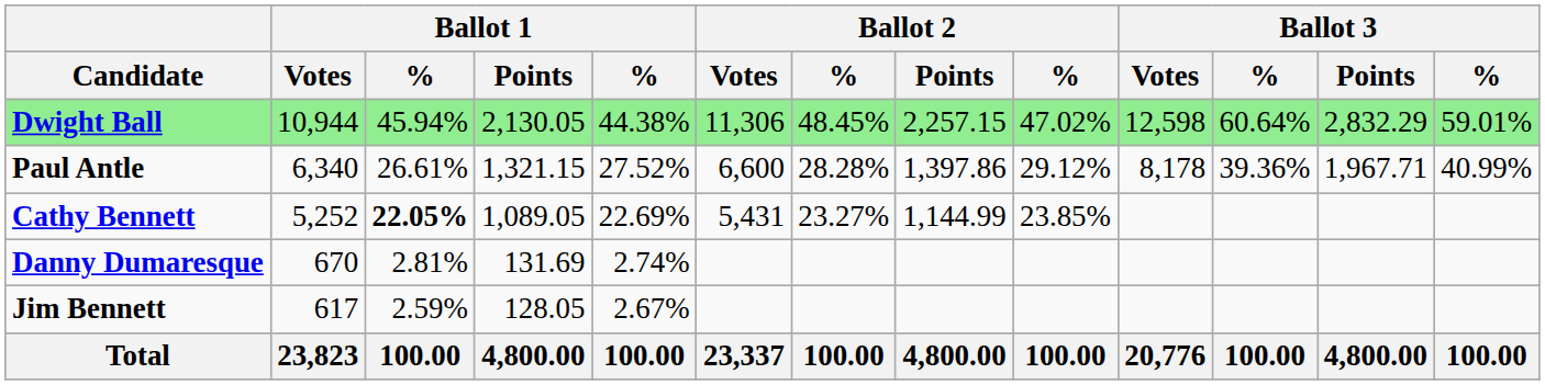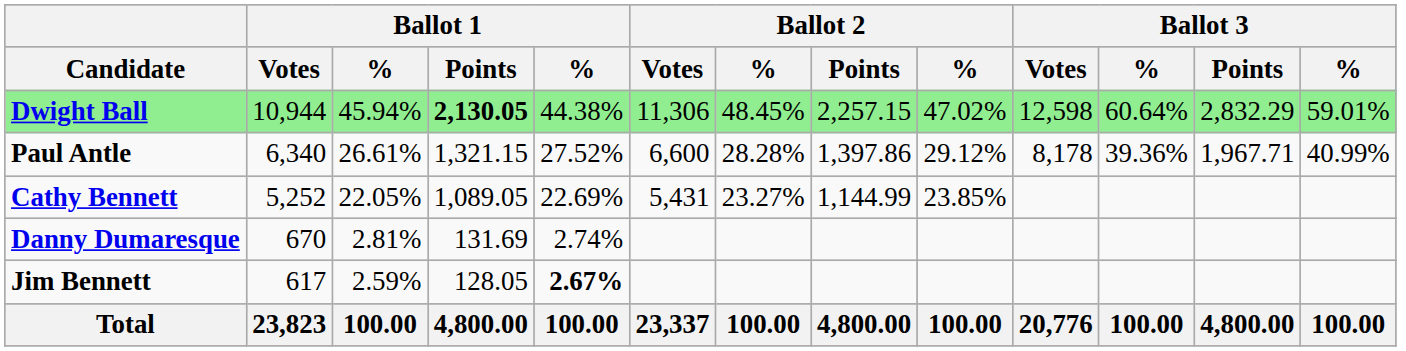 <table class="wikitable">
 <tr>
 <th></th>
 <th colspan = "4">Ballot 1</th>
 <th colspan = "4">Ballot 2</th>
 <th colspan = "4">Ballot 3</th>
 </tr>
 <tr>
 <th>Candidate</th>
 <th>Votes</th>
 <th>%</th>
 <th>Points</th>
 <th>%</th>
 <th>Votes</th>
 <th>%</th>
 <th>Points</th>
 <th>%</th>
 <th>Votes</th>
 <th>%</th>
 <th>Points</th>
 <th>%</th>
 </tr>
 <tr style="text-align:right;background:lightgreen;">
 <td align=left><strong><a href='#'>Dwight Ball</a></strong></td>
 <td>10,944</td>
 <td>45.94%</td>
-<td>2,130.05</td>
+<td><strong>2,130.05</strong></td>
 <td>44.38%</td>
 <td>11,306</td>
 <td>48.45%</td>
 <td>2,257.15</td>
 <td>47.02%</td>
 <td>12,598</td>
 <td>60.64%</td>
 <td>2,832.29</td>
 <td>59.01%</td>
 </tr>
 <tr style="text-align:right;">
 <td align=left><strong>Paul Antle</strong></td>
 <td>6,340</td>
 <td>26.61%</td>
 <td>1,321.15</td>
 <td>27.52%</td>
 <td>6,600</td>
 <td>28.28%</td>
 <td>1,397.86</td>
 <td>29.12%</td>
 <td>8,178</td>
 <td>39.36%</td>
 <td>1,967.71</td>
 <td>40.99%</td>
 </tr>
 <tr style="text-align:right;">
 <td align=left><strong><a href='#'>Cathy Bennett</a></strong></td>
 <td>5,252</td>
-<td><strong>22.05%</strong></td>
+<td>22.05%</td>
 <td>1,089.05</td>
 <td>22.69%</td>
 <td>5,431</td>
 <td>23.27%</td>
 <td>1,144.99</td>
 <td>23.85%</td>
 <td></td>
 <td></td>
 <td></td>
 <td></td>
 </tr>
 <tr style="text-align:right;">
 <td align=left><strong><a href='#'>Danny Dumaresque</a></strong></td>
 <td>670</td>
 <td>2.81%</td>
 <td>131.69</td>
 <td>2.74%</td>
 <td></td>
 <td></td>
 <td></td>
 <td></td>
 <td></td>
 <td></td>
 <td></td>
 <td></td>
 </tr>
 <tr style="text-align:right;">
 <td align=left><strong>Jim Bennett</strong></td>
 <td>617</td>
 <td>2.59%</td>
 <td>128.05</td>
-<td>2.67%</td>
+<td><strong>2.67%</strong></td>
 <td></td>
 <td></td>
 <td></td>
 <td></td>
 <td></td>
 <td></td>
 <td></td>
 <td></td>
 </tr>
 <tr style="text-align:right;">
 <th>Total</th>
 <th>23,823</th>
 <th>100.00</th>
 <th>4,800.00</th>
 <th>100.00</th>
 <th>23,337</th>
 <th>100.00</th>
 <th>4,800.00</th>
 <th>100.00</th>
 <th>20,776</th>
 <th>100.00</th>
 <th>4,800.00</th>
 <th>100.00</th>
 </tr>
 </table>
